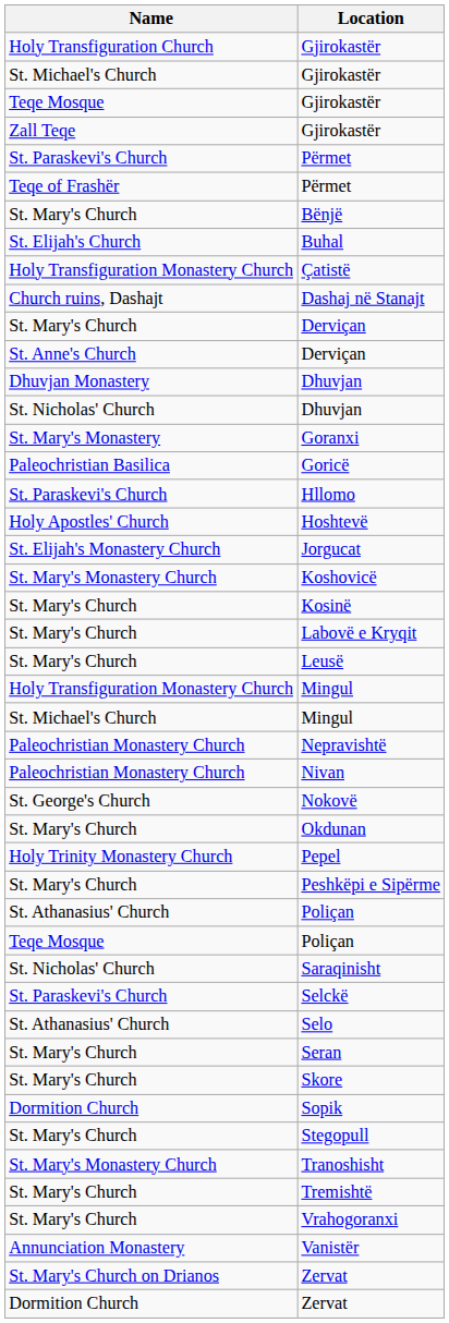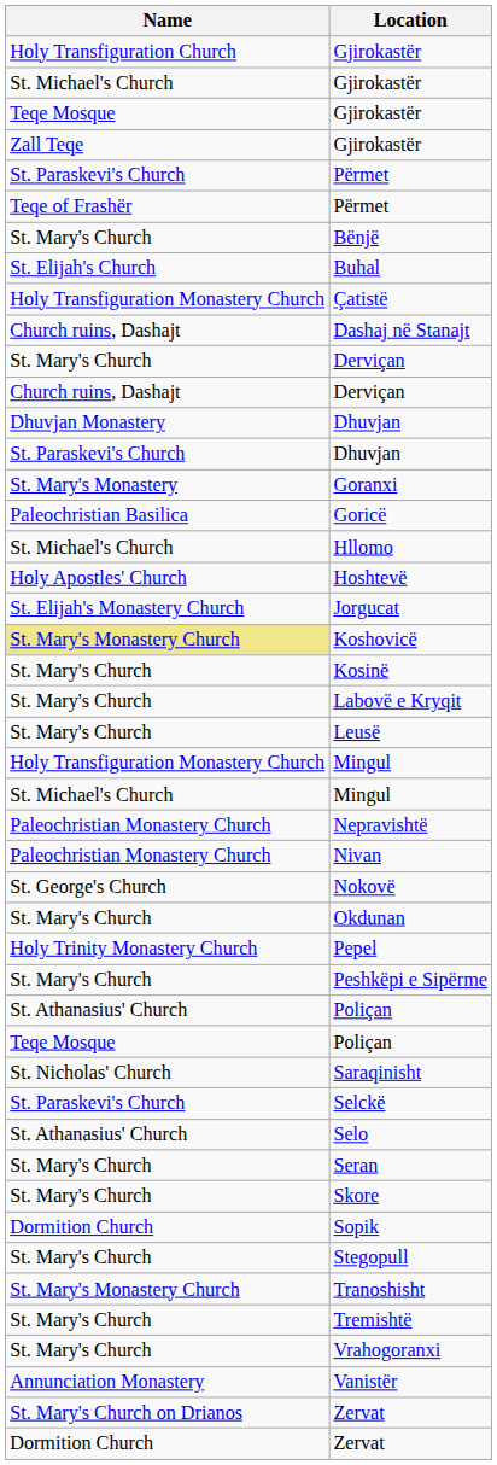 <table class="wikitable">
 <tr>
 <th>Name</th>
 <th>Location</th>
 </tr>
 <tr>
 <td><a href='#'>Holy Transfiguration Church</a></td>
 <td><a href='#'>Gjirokastër</a></td>
 </tr>
 <tr>
 <td>St. Michael's Church</td>
 <td>Gjirokastër</td>
 </tr>
 <tr>
 <td><a href='#'>Teqe Mosque</a></td>
 <td>Gjirokastër</td>
 </tr>
 <tr>
 <td><a href='#'>Zall Teqe</a></td>
 <td>Gjirokastër</td>
 </tr>
 <tr>
 <td><a href='#'>St. Paraskevi's Church</a></td>
 <td><a href='#'>Përmet</a></td>
 </tr>
 <tr>
 <td><a href='#'>Teqe of Frashër</a></td>
 <td>Përmet</td>
 </tr>
 <tr>
 <td>St. Mary's Church</td>
 <td><a href='#'>Bënjë</a></td>
 </tr>
 <tr>
 <td><a href='#'>St. Elijah's Church</a></td>
 <td><a href='#'>Buhal</a></td>
 </tr>
 <tr>
 <td><a href='#'>Holy Transfiguration Monastery Church</a></td>
 <td><a href='#'>Çatistë</a></td>
 </tr>
 <tr>
 <td><a href='#'>Church ruins</a>, Dashajt</td>
 <td><a href='#'>Dashaj në Stanajt</a></td>
 </tr>
 <tr>
 <td>St. Mary's Church</td>
 <td><a href='#'>Derviçan</a></td>
 </tr>
 <tr>
-<td><a href='#'>St. Anne's Church</a></td>
+<td><a href='#'>Church ruins</a>, Dashajt</td>
 <td>Derviçan</td>
 </tr>
 <tr>
 <td><a href='#'>Dhuvjan Monastery</a></td>
 <td><a href='#'>Dhuvjan</a></td>
 </tr>
 <tr>
-<td>St. Nicholas' Church</td>
+<td><a href='#'>St. Paraskevi's Church</a></td>
 <td>Dhuvjan</td>
 </tr>
 <tr>
 <td><a href='#'>St. Mary's Monastery</a></td>
 <td><a href='#'>Goranxi</a></td>
 </tr>
 <tr>
 <td><a href='#'>Paleochristian Basilica</a></td>
 <td><a href='#'>Goricë</a></td>
 </tr>
 <tr>
-<td><a href='#'>St. Paraskevi's Church</a></td>
+<td>St. Michael's Church</td>
 <td><a href='#'>Hllomo</a></td>
 </tr>
 <tr>
 <td><a href='#'>Holy Apostles' Church</a></td>
 <td><a href='#'>Hoshtevë</a></td>
 </tr>
 <tr>
 <td><a href='#'>St. Elijah's Monastery Church</a></td>
 <td><a href='#'>Jorgucat</a></td>
 </tr>
 <tr>
-<td><a href='#'>St. Mary's Monastery Church</a></td>
+<td style="background: khaki;"><a href='#'>St. Mary's Monastery Church</a></td>
 <td><a href='#'>Koshovicë</a></td>
 </tr>
 <tr>
 <td>St. Mary's Church</td>
 <td><a href='#'>Kosinë</a></td>
 </tr>
 <tr>
 <td>St. Mary's Church</td>
 <td><a href='#'>Labovë e Kryqit</a></td>
 </tr>
 <tr>
 <td>St. Mary's Church</td>
 <td><a href='#'>Leusë</a></td>
 </tr>
 <tr>
 <td><a href='#'>Holy Transfiguration Monastery Church</a></td>
 <td><a href='#'>Mingul</a></td>
 </tr>
 <tr>
 <td>St. Michael's Church</td>
 <td>Mingul</td>
 </tr>
 <tr>
 <td><a href='#'>Paleochristian Monastery Church</a></td>
 <td><a href='#'>Nepravishtë</a></td>
 </tr>
 <tr>
 <td><a href='#'>Paleochristian Monastery Church</a></td>
 <td><a href='#'>Nivan</a></td>
 </tr>
 <tr>
 <td>St. George's Church</td>
 <td><a href='#'>Nokovë</a></td>
 </tr>
 <tr>
 <td>St. Mary's Church</td>
 <td><a href='#'>Okdunan</a></td>
 </tr>
 <tr>
 <td><a href='#'>Holy Trinity Monastery Church</a></td>
 <td><a href='#'>Pepel</a></td>
 </tr>
 <tr>
 <td>St. Mary's Church</td>
 <td><a href='#'>Peshkëpi e Sipërme</a></td>
 </tr>
 <tr>
 <td>St. Athanasius' Church</td>
 <td><a href='#'>Poliçan</a></td>
 </tr>
 <tr>
 <td><a href='#'>Teqe Mosque</a></td>
 <td>Poliçan</td>
 </tr>
 <tr>
 <td>St. Nicholas' Church</td>
 <td><a href='#'>Saraqinisht</a></td>
 </tr>
 <tr>
 <td><a href='#'>St. Paraskevi's Church</a></td>
 <td><a href='#'>Selckë</a></td>
 </tr>
 <tr>
 <td>St. Athanasius' Church</td>
 <td><a href='#'>Selo</a></td>
 </tr>
 <tr>
 <td>St. Mary's Church</td>
 <td><a href='#'>Seran</a></td>
 </tr>
 <tr>
 <td>St. Mary's Church</td>
 <td><a href='#'>Skore</a></td>
 </tr>
 <tr>
 <td><a href='#'>Dormition Church</a></td>
 <td><a href='#'>Sopik</a></td>
 </tr>
 <tr>
 <td>St. Mary's Church</td>
 <td><a href='#'>Stegopull</a></td>
 </tr>
 <tr>
 <td><a href='#'>St. Mary's Monastery Church</a></td>
 <td><a href='#'>Tranoshisht</a></td>
 </tr>
 <tr>
 <td>St. Mary's Church</td>
 <td><a href='#'>Tremishtë</a></td>
 </tr>
 <tr>
 <td>St. Mary's Church</td>
 <td><a href='#'>Vrahogoranxi</a></td>
 </tr>
 <tr>
 <td><a href='#'>Annunciation Monastery</a></td>
 <td><a href='#'>Vanistër</a></td>
 </tr>
 <tr>
 <td><a href='#'>St. Mary's Church on Drianos</a></td>
 <td><a href='#'>Zervat</a></td>
 </tr>
 <tr>
 <td>Dormition Church</td>
 <td>Zervat</td>
 </tr>
 </table>
